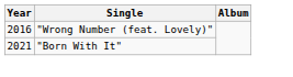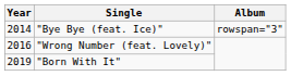 <table class="wikitable sortable">
 <tr>
 <th>Year</th>
 <th>Single</th>
 <th>Album</th>
 </tr>
 <tr>
+<td>2014</td>
+<td>"Bye Bye (feat. Ice)"</td>
+<td>rowspan="3" </td>
+</tr>
+<tr>
 <td>2016</td>
 <td>"Wrong Number (feat. Lovely)"</td>
 </tr>
 <tr>
-<td>2021</td>
+<td>2019</td>
 <td>"Born With It"</td>
 </tr>
 </table>
